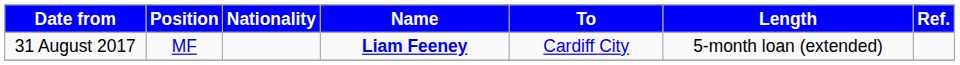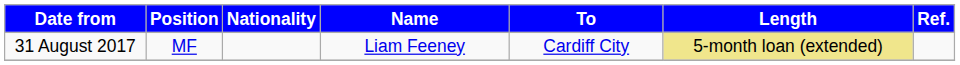 <table class="wikitable"  style="text-align:center; font-size:90%; ">
 <tr>
 <th style="background:#0000FF; color:white; width:110px;">Date from</th>
 <th style="background:#0000FF; color:white; width:50px;">Position</th>
 <th style="background:#0000FF; color:white; width:50px;">Nationality</th>
 <th style="background:#0000FF; color:white; width:150px;">Name</th>
 <th style="background:#0000FF; color:white; width:120px;">To</th>
 <th style="background:#0000FF; color:white; width:200px;">Length</th>
 <th style="background:#0000FF; color:white; width:25px;">Ref.</th>
 </tr>
 <tr>
 <td>31 August 2017</td>
 <td><a href='#'>MF</a></td>
 <td></td>
-<td><strong><a href='#'>Liam Feeney</a></strong></td>
+<td><a href='#'>Liam Feeney</a></td>
 <td><a href='#'>Cardiff City</a></td>
-<td>5-month loan (extended)</td>
+<td style="background: khaki;">5-month loan (extended)</td>
 <td></td>
 </tr>
 <tr>
 </tr>
 </table>
